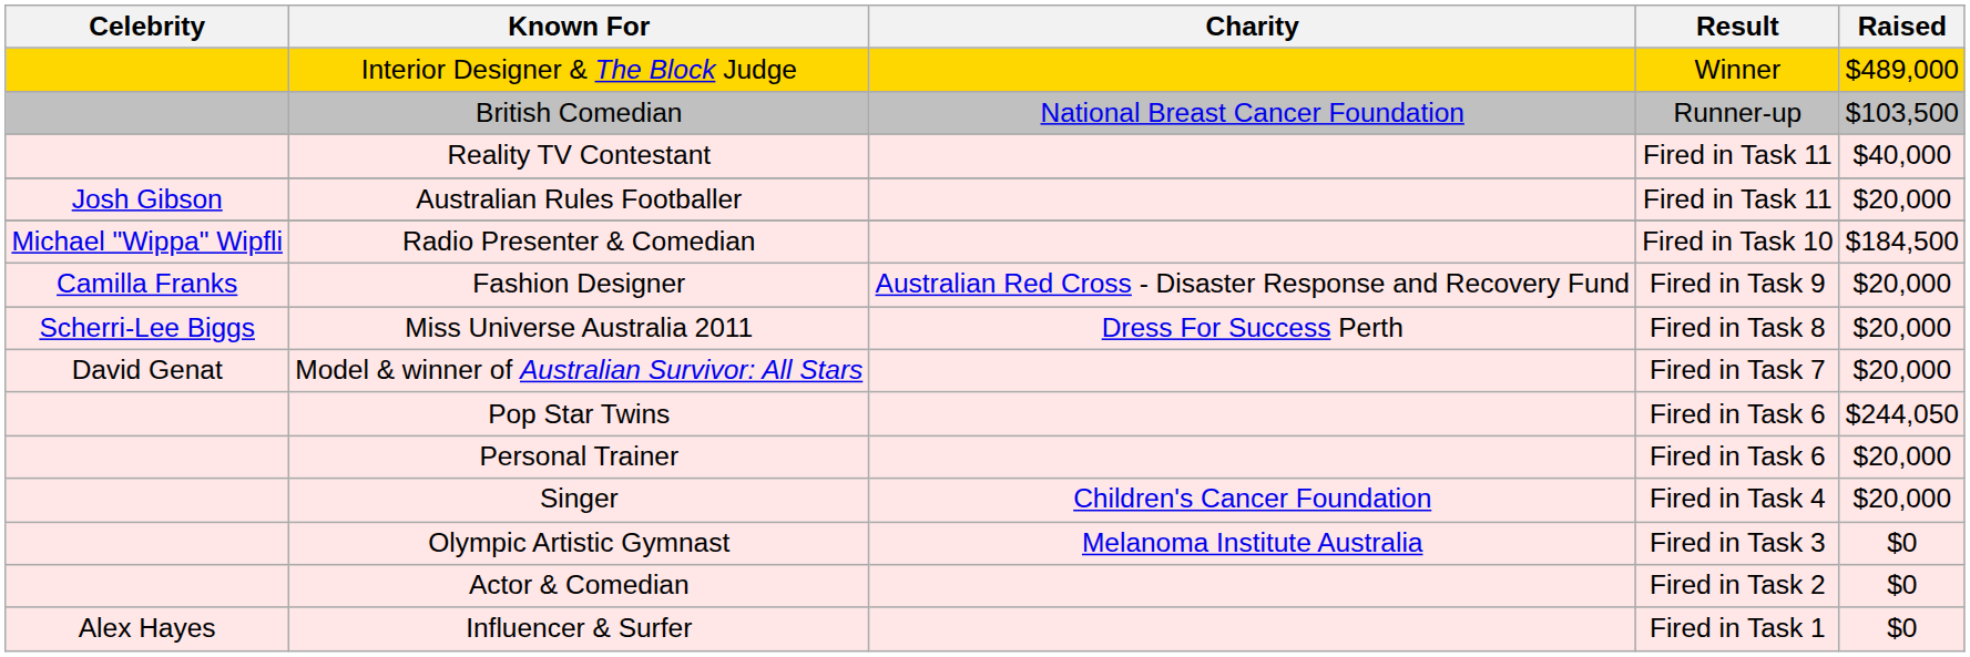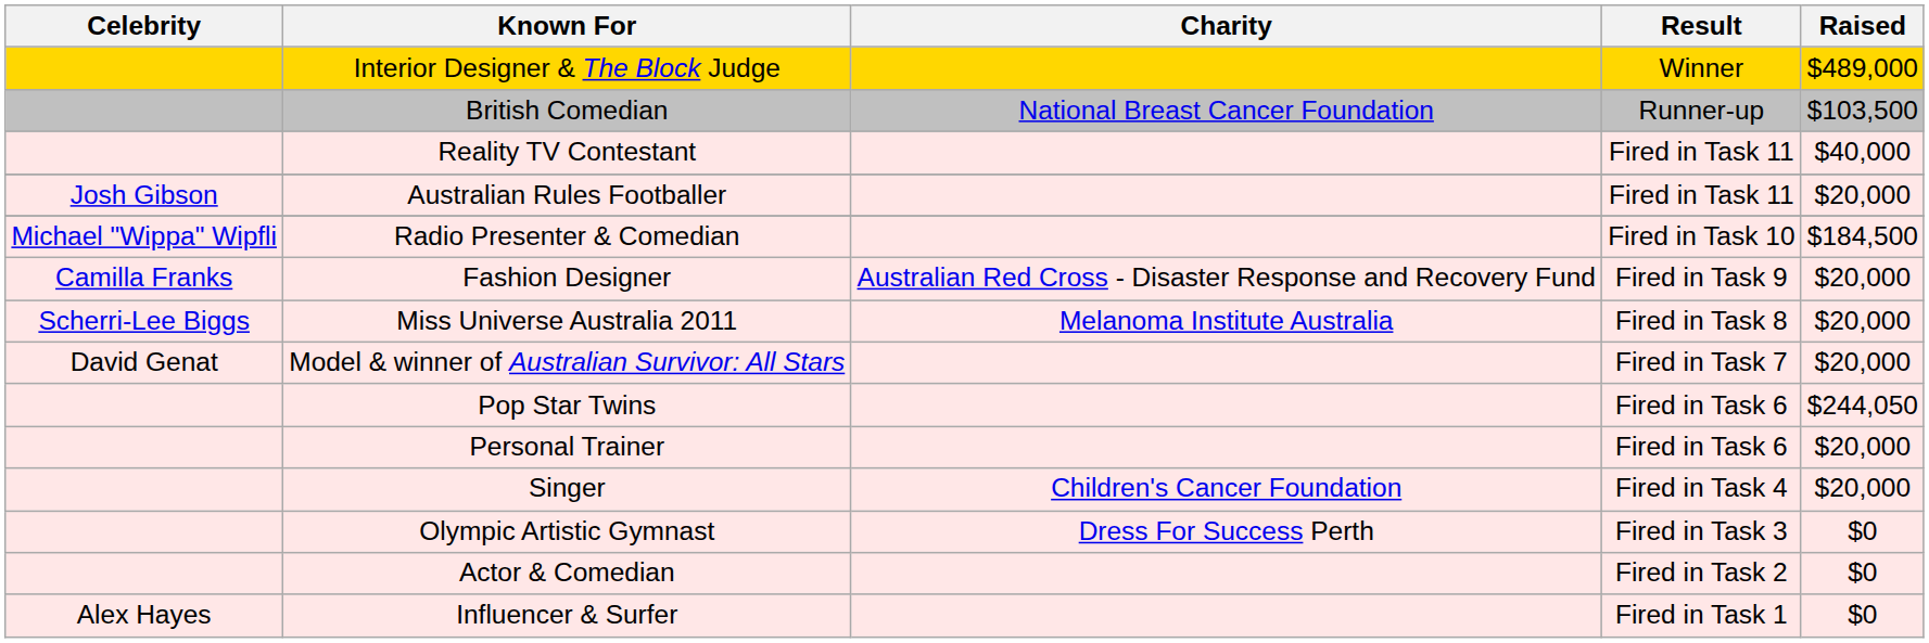 <table class="wikitable" style="text-align:center;">
 <tr>
 <th>Celebrity</th>
 <th>Known For</th>
 <th>Charity</th>
 <th>Result</th>
 <th>Raised</th>
 </tr>
 <tr style="background:gold;">
 <td></td>
 <td>Interior Designer & <em><a href='#'>The Block</a></em> Judge</td>
 <td></td>
 <td>Winner</td>
 <td>$489,000</td>
 </tr>
 <tr style="background:silver;">
 <td></td>
 <td>British Comedian</td>
 <td><a href='#'>National Breast Cancer Foundation</a></td>
 <td>Runner-up</td>
 <td>$103,500</td>
 </tr>
 <tr style="background:#ffe7e7;">
 <td></td>
 <td>Reality TV Contestant</td>
 <td></td>
 <td>Fired in Task 11</td>
 <td>$40,000</td>
 </tr>
 <tr>
 </tr>
 <tr style="background:#ffe7e7;">
 <td><a href='#'>Josh Gibson</a></td>
 <td>Australian Rules Footballer</td>
 <td></td>
 <td>Fired in Task 11</td>
 <td>$20,000</td>
 </tr>
 <tr>
 </tr>
 <tr style="background:#ffe7e7;">
 <td><a href='#'>Michael "Wippa" Wipfli</a></td>
 <td>Radio Presenter & Comedian</td>
 <td></td>
 <td>Fired in Task 10</td>
 <td>$184,500</td>
 </tr>
 <tr style="background:#ffe7e7;">
 <td><a href='#'>Camilla Franks</a></td>
 <td>Fashion Designer</td>
 <td><a href='#'>Australian Red Cross</a> - Disaster Response and Recovery Fund</td>
 <td>Fired in Task 9</td>
 <td>$20,000</td>
 </tr>
 <tr style="background:#ffe7e7;">
 <td><a href='#'>Scherri-Lee Biggs</a></td>
 <td>Miss Universe Australia 2011</td>
-<td><a href='#'>Dress For Success</a> Perth</td>
+<td><a href='#'>Melanoma Institute Australia</a></td>
 <td>Fired in Task 8</td>
 <td>$20,000</td>
 </tr>
 <tr style="background:#ffe7e7;">
 <td>David Genat</td>
 <td>Model & winner of <em><a href='#'>Australian Survivor: All Stars</a></em></td>
 <td></td>
 <td>Fired in Task 7</td>
 <td>$20,000</td>
 </tr>
 <tr style="background:#ffe7e7;">
 <td></td>
 <td>Pop Star Twins</td>
 <td></td>
 <td>Fired in Task 6</td>
 <td>$244,050</td>
 </tr>
 <tr style="background:#ffe7e7;">
 <td></td>
 <td>Personal Trainer</td>
 <td></td>
 <td>Fired in Task 6</td>
 <td>$20,000</td>
 </tr>
 <tr style="background:#ffe7e7;">
 <td></td>
 <td>Singer</td>
 <td><a href='#'>Children's Cancer Foundation</a></td>
 <td>Fired in Task 4</td>
 <td>$20,000</td>
 </tr>
 <tr style="background:#ffe7e7;">
 <td></td>
 <td>Olympic Artistic Gymnast</td>
-<td><a href='#'>Melanoma Institute Australia</a></td>
+<td><a href='#'>Dress For Success</a> Perth</td>
 <td>Fired in Task 3</td>
 <td>$0</td>
 </tr>
 <tr style="background:#ffe7e7;">
 <td></td>
 <td>Actor & Comedian</td>
 <td></td>
 <td>Fired in Task 2</td>
 <td>$0</td>
 </tr>
 <tr style="background:#ffe7e7;">
 <td>Alex Hayes</td>
 <td>Influencer & Surfer</td>
 <td></td>
 <td>Fired in Task 1</td>
 <td>$0</td>
 </tr>
 </table>
